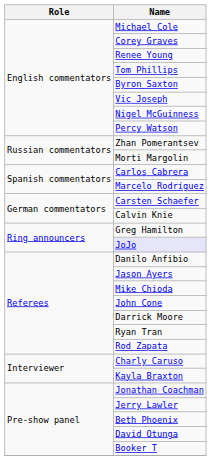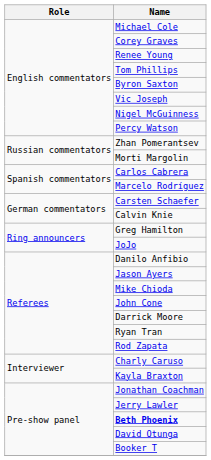 <table class=wikitable style="font-size:90%; margin: 0.5em 0 0.5em 1em; float: right; clear: right;">
 <tr>
 <th>Role</th>
 <th>Name</th>
 </tr>
 <tr>
 <td rowspan=8>English commentators</td>
 <td><a href='#'>Michael Cole</a> </td>
 </tr>
 <tr>
 <td><a href='#'>Corey Graves</a> </td>
 </tr>
 <tr>
 <td><a href='#'>Renee Young</a> </td>
 </tr>
 <tr>
 <td><a href='#'>Tom Phillips</a> </td>
 </tr>
 <tr>
 <td><a href='#'>Byron Saxton</a> </td>
 </tr>
 <tr>
 <td><a href='#'>Vic Joseph</a> </td>
 </tr>
 <tr>
 <td><a href='#'>Nigel McGuinness</a> </td>
 </tr>
 <tr>
 <td><a href='#'>Percy Watson</a> </td>
 </tr>
 <tr>
 <td rowspan=2>Russian commentators</td>
 <td>Zhan Pomerantsev</td>
 </tr>
 <tr>
 <td>Morti Margolin</td>
 </tr>
 <tr>
 <td rowspan=2>Spanish commentators</td>
 <td><a href='#'>Carlos Cabrera</a></td>
 </tr>
 <tr>
 <td><a href='#'>Marcelo Rodríguez</a></td>
 </tr>
 <tr>
 <td rowspan=2>German commentators</td>
 <td><a href='#'>Carsten Schaefer</a></td>
 </tr>
 <tr>
 <td>Calvin Knie</td>
 </tr>
 <tr>
 <td rowspan=2><a href='#'>Ring announcers</a></td>
 <td>Greg Hamilton</td>
 </tr>
 <tr>
-<td style="background: lavender;"><a href='#'>JoJo</a></td>
+<td><a href='#'>JoJo</a></td>
 </tr>
 <tr>
 <td rowspan=7><a href='#'>Referees</a></td>
 <td>Danilo Anfibio</td>
 </tr>
 <tr>
 <td><a href='#'>Jason Ayers</a></td>
 </tr>
 <tr>
 <td><a href='#'>Mike Chioda</a></td>
 </tr>
 <tr>
 <td><a href='#'>John Cone</a></td>
 </tr>
 <tr>
 <td>Darrick Moore</td>
 </tr>
 <tr>
 <td>Ryan Tran</td>
 </tr>
 <tr>
 <td><a href='#'>Rod Zapata</a></td>
 </tr>
 <tr>
 <td rowspan=2>Interviewer</td>
 <td><a href='#'>Charly Caruso</a></td>
 </tr>
 <tr>
 <td><a href='#'>Kayla Braxton</a></td>
 </tr>
 <tr>
 <td rowspan=5>Pre-show panel</td>
 <td><a href='#'>Jonathan Coachman</a></td>
 </tr>
 <tr>
 <td><a href='#'>Jerry Lawler</a></td>
 </tr>
 <tr>
-<td><a href='#'>Beth Phoenix</a></td>
+<td><strong><a href='#'>Beth Phoenix</a></strong></td>
 </tr>
 <tr>
 <td><a href='#'>David Otunga</a></td>
 </tr>
 <tr>
 <td><a href='#'>Booker T</a></td>
 </tr>
 <tr>
 </tr>
 </table>
